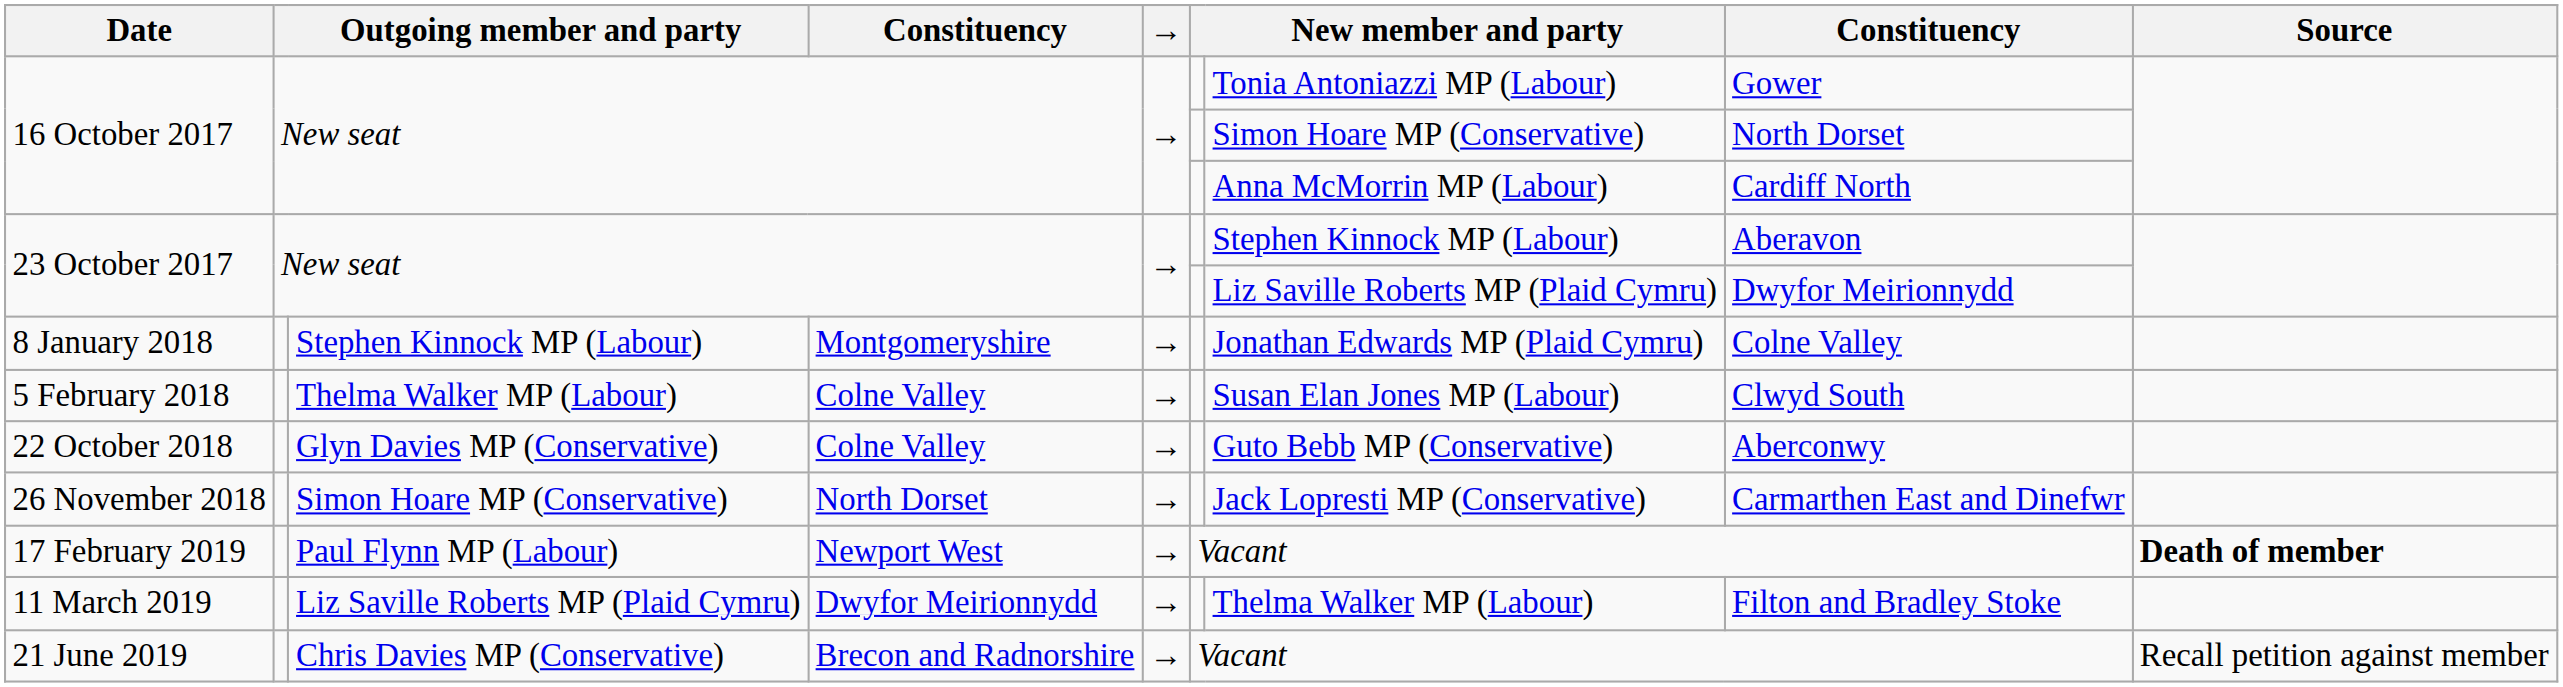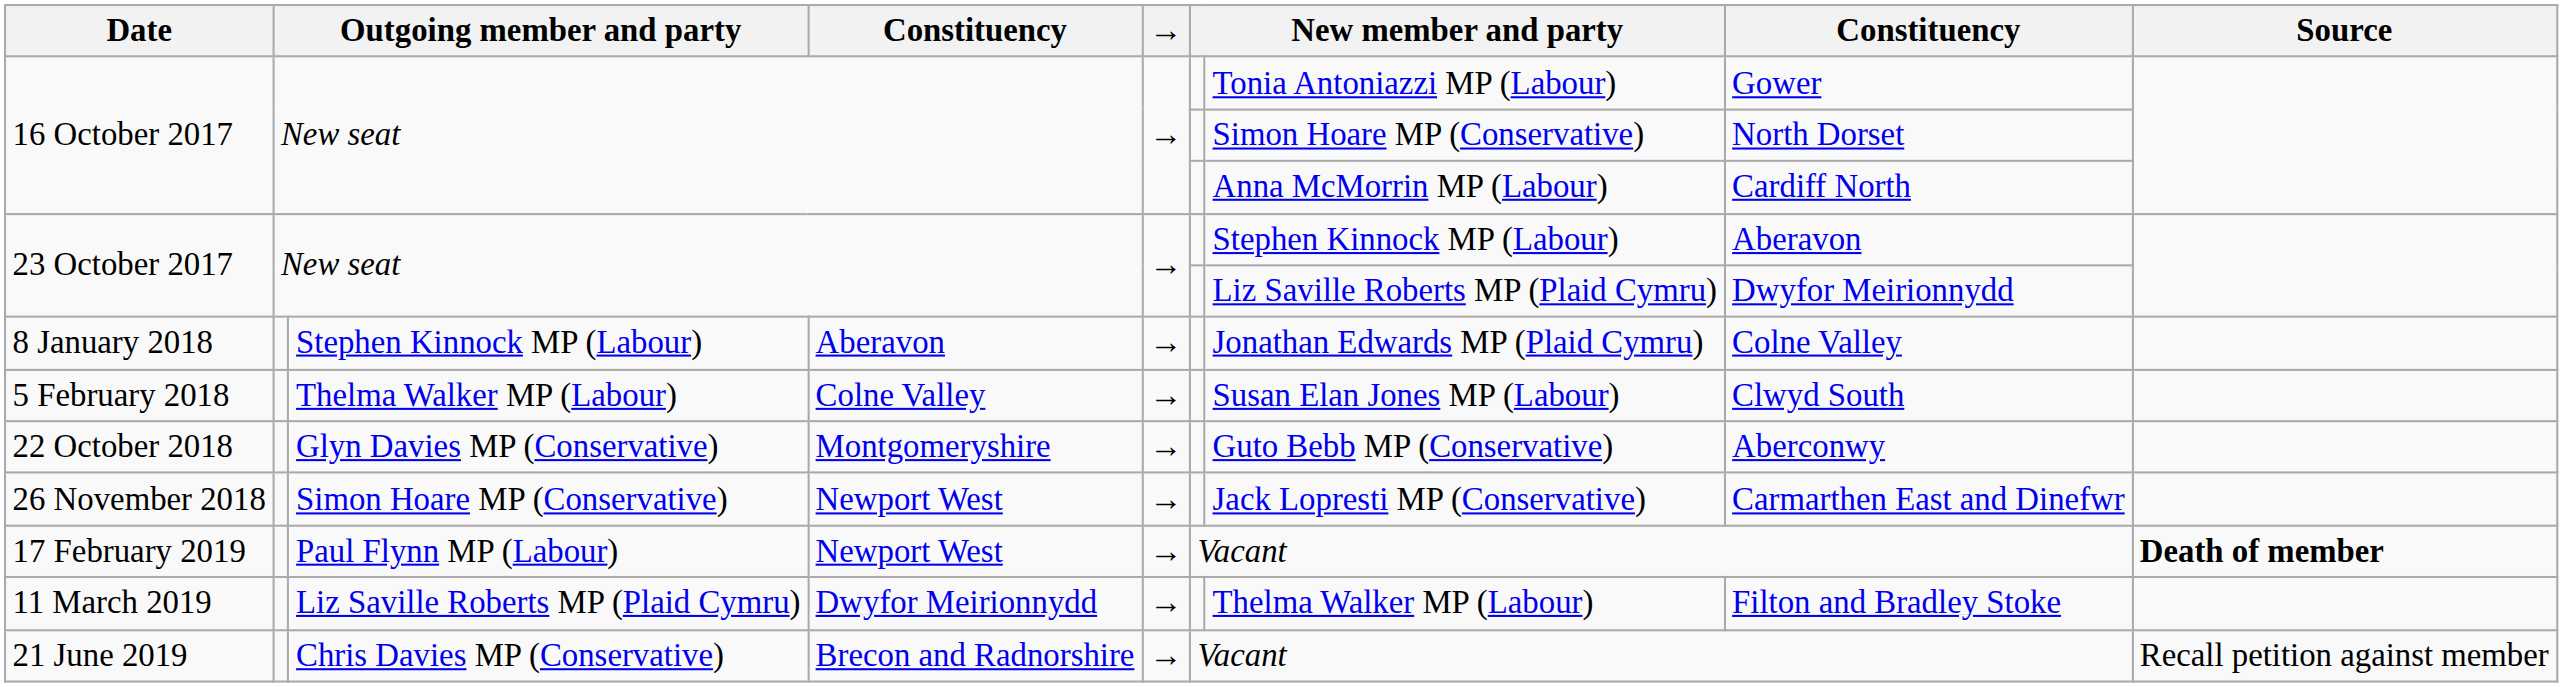 <table class="wikitable">
 <tr>
 <th valign="top">Date</th>
 <th colspan="2" valign="top">Outgoing member and party</th>
 <th valign="top">Constituency</th>
 <th>→</th>
 <th colspan="2" valign="top">New member and party</th>
 <th valign="top">Constituency</th>
 <th valign="top">Source</th>
 </tr>
 <tr>
 <td rowspan=3>16 October 2017</td>
 <td rowspan=3 colspan=3><em>New seat</em></td>
 <td rowspan=3>→</td>
 <td style="color:inherit;background:"></td>
 <td><a href='#'>Tonia Antoniazzi</a> MP (<a href='#'>Labour</a>)</td>
 <td><a href='#'>Gower</a></td>
 <td rowspan=3></td>
 </tr>
 <tr>
 <td style="color:inherit;background:"></td>
 <td><a href='#'>Simon Hoare</a> MP (<a href='#'>Conservative</a>)</td>
 <td><a href='#'>North Dorset</a></td>
 </tr>
 <tr>
 <td style="color:inherit;background:"></td>
 <td><a href='#'>Anna McMorrin</a> MP (<a href='#'>Labour</a>)</td>
 <td><a href='#'>Cardiff North</a></td>
 </tr>
 <tr>
 <td rowspan=2>23 October 2017</td>
 <td rowspan=2 colspan=3><em>New seat</em></td>
 <td rowspan=2>→</td>
 <td style="color:inherit;background:"></td>
 <td><a href='#'>Stephen Kinnock</a> MP (<a href='#'>Labour</a>)</td>
 <td><a href='#'>Aberavon</a></td>
 <td rowspan=2></td>
 </tr>
 <tr>
 <td style="color:inherit;background:"></td>
 <td><a href='#'>Liz Saville Roberts</a> MP (<a href='#'>Plaid Cymru</a>)</td>
 <td><a href='#'>Dwyfor Meirionnydd</a></td>
 </tr>
 <tr>
 <td>8 January 2018</td>
 <td style="color:inherit;background:"></td>
 <td><a href='#'>Stephen Kinnock</a> MP (<a href='#'>Labour</a>)</td>
-<td><a href='#'>Montgomeryshire</a></td>
+<td><a href='#'>Aberavon</a></td>
 <td>→</td>
 <td style="color:inherit;background:"></td>
 <td><a href='#'>Jonathan Edwards</a> MP (<a href='#'>Plaid Cymru</a>)</td>
 <td><a href='#'>Colne Valley</a></td>
 <td></td>
 </tr>
 <tr>
 <td>5 February 2018</td>
 <td style="color:inherit;background:"></td>
 <td><a href='#'>Thelma Walker</a> MP (<a href='#'>Labour</a>)</td>
 <td><a href='#'>Colne Valley</a></td>
 <td>→</td>
 <td style="color:inherit;background:"></td>
 <td><a href='#'>Susan Elan Jones</a> MP (<a href='#'>Labour</a>)</td>
 <td><a href='#'>Clwyd South</a></td>
 <td></td>
 </tr>
 <tr>
 <td>22 October 2018</td>
 <td style="color:inherit;background:"></td>
 <td><a href='#'>Glyn Davies</a> MP (<a href='#'>Conservative</a>)</td>
-<td><a href='#'>Colne Valley</a></td>
+<td><a href='#'>Montgomeryshire</a></td>
 <td>→</td>
 <td style="color:inherit;background:"></td>
 <td><a href='#'>Guto Bebb</a> MP (<a href='#'>Conservative</a>)</td>
 <td><a href='#'>Aberconwy</a></td>
 <td></td>
 </tr>
 <tr>
 <td>26 November 2018</td>
 <td style="color:inherit;background:"></td>
 <td><a href='#'>Simon Hoare</a> MP (<a href='#'>Conservative</a>)</td>
-<td><a href='#'>North Dorset</a></td>
+<td><a href='#'>Newport West</a></td>
 <td>→</td>
 <td style="color:inherit;background:"></td>
 <td><a href='#'>Jack Lopresti</a> MP (<a href='#'>Conservative</a>)</td>
 <td><a href='#'>Carmarthen East and Dinefwr</a></td>
 <td></td>
 </tr>
 <tr>
 <td>17 February 2019</td>
 <td style="color:inherit;background:"></td>
 <td><a href='#'>Paul Flynn</a> MP (<a href='#'>Labour</a>)</td>
 <td><a href='#'>Newport West</a></td>
 <td>→</td>
 <td colspan=3><em>Vacant</em></td>
 <td><strong>Death of member</strong></td>
 </tr>
 <tr>
 <td>11 March 2019</td>
 <td style="color:inherit;background:"></td>
 <td><a href='#'>Liz Saville Roberts</a> MP (<a href='#'>Plaid Cymru</a>)</td>
 <td><a href='#'>Dwyfor Meirionnydd</a></td>
 <td>→</td>
 <td style="color:inherit;background:"></td>
 <td><a href='#'>Thelma Walker</a> MP (<a href='#'>Labour</a>)</td>
 <td><a href='#'>Filton and Bradley Stoke</a></td>
 <td></td>
 </tr>
 <tr>
 <td>21 June 2019</td>
 <td style="color:inherit;background:"></td>
 <td><a href='#'>Chris Davies</a> MP (<a href='#'>Conservative</a>)</td>
 <td><a href='#'>Brecon and Radnorshire</a></td>
 <td>→</td>
 <td colspan=3><em>Vacant</em></td>
 <td>Recall petition against member</td>
 </tr>
 </table>
